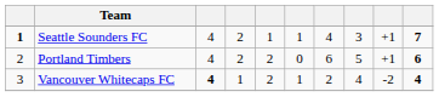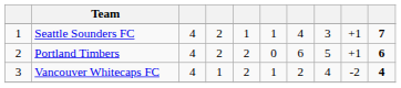 <table class="wikitable" style="text-align: center;">
 <tr>
 <th width="28"></th>
 <th width="185">Team</th>
 <th width="28"></th>
 <th width="28"></th>
 <th width="28"></th>
 <th width="28"></th>
 <th width="28"></th>
 <th width="28"></th>
 <th width="28"></th>
 <th width="28"></th>
 </tr>
 <tr style="background-color:#">
 </tr>
 <tr>
 </tr>
 <tr>
-<td><strong>1</strong></td>
+<td>1</td>
 <td style="text-align:left;"><a href='#'>Seattle Sounders FC</a></td>
 <td>4</td>
 <td>2</td>
 <td>1</td>
 <td>1</td>
 <td>4</td>
 <td>3</td>
 <td>+1</td>
 <td><strong>7</strong></td>
 </tr>
 <tr>
 <td>2</td>
 <td style="text-align:left;"><a href='#'>Portland Timbers</a></td>
 <td>4</td>
 <td>2</td>
 <td>2</td>
 <td>0</td>
 <td>6</td>
 <td>5</td>
 <td>+1</td>
 <td><strong>6</strong></td>
 </tr>
 <tr>
 <td>3</td>
 <td style="text-align:left;"><a href='#'>Vancouver Whitecaps FC</a></td>
-<td><strong>4</strong></td>
+<td>4</td>
 <td>1</td>
 <td>2</td>
 <td>1</td>
 <td>2</td>
 <td>4</td>
 <td>-2</td>
 <td><strong>4</strong></td>
 </tr>
 <tr>
 </tr>
 </table>
